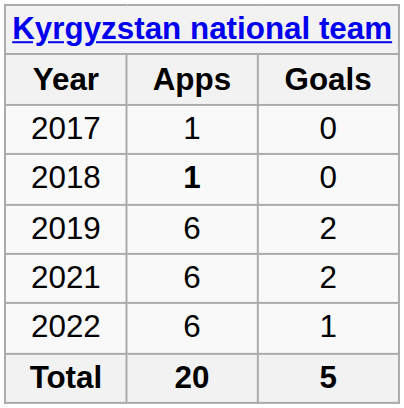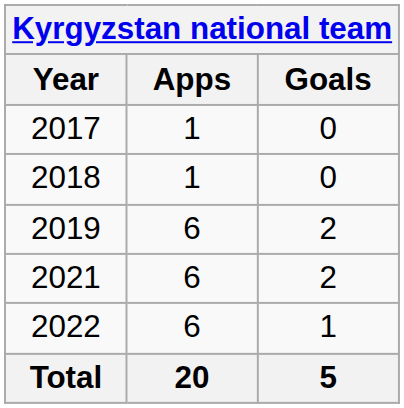 <table class="wikitable" style="text-align:center">
 <tr>
 <th colspan=3><a href='#'>Kyrgyzstan national team</a></th>
 </tr>
 <tr>
 <th>Year</th>
 <th>Apps</th>
 <th>Goals</th>
 </tr>
 <tr>
 <td>2017</td>
 <td>1</td>
 <td>0</td>
 </tr>
 <tr>
 <td>2018</td>
-<td><strong>1</strong></td>
+<td>1</td>
 <td>0</td>
 </tr>
 <tr>
 <td>2019</td>
 <td>6</td>
 <td>2</td>
 </tr>
 <tr>
 <td>2021</td>
 <td>6</td>
 <td>2</td>
 </tr>
 <tr>
 <td>2022</td>
 <td>6</td>
 <td>1</td>
 </tr>
 <tr>
 <th>Total</th>
 <th>20</th>
 <th>5</th>
 </tr>
 </table>
